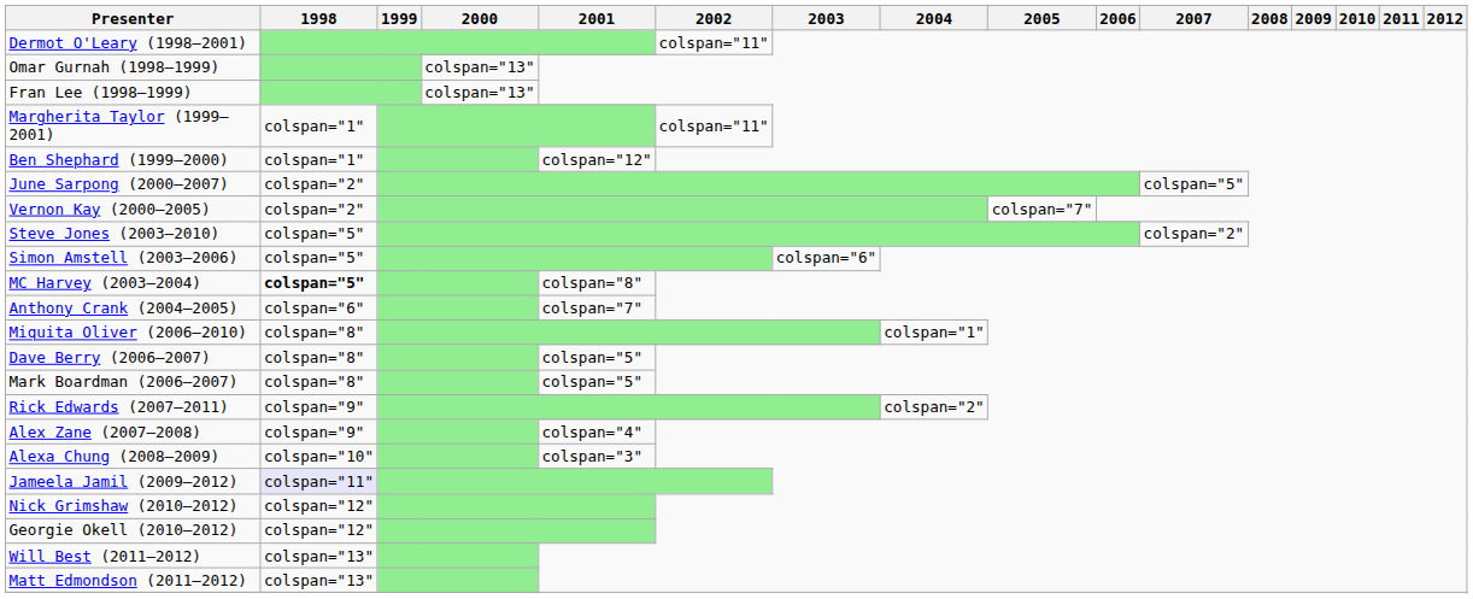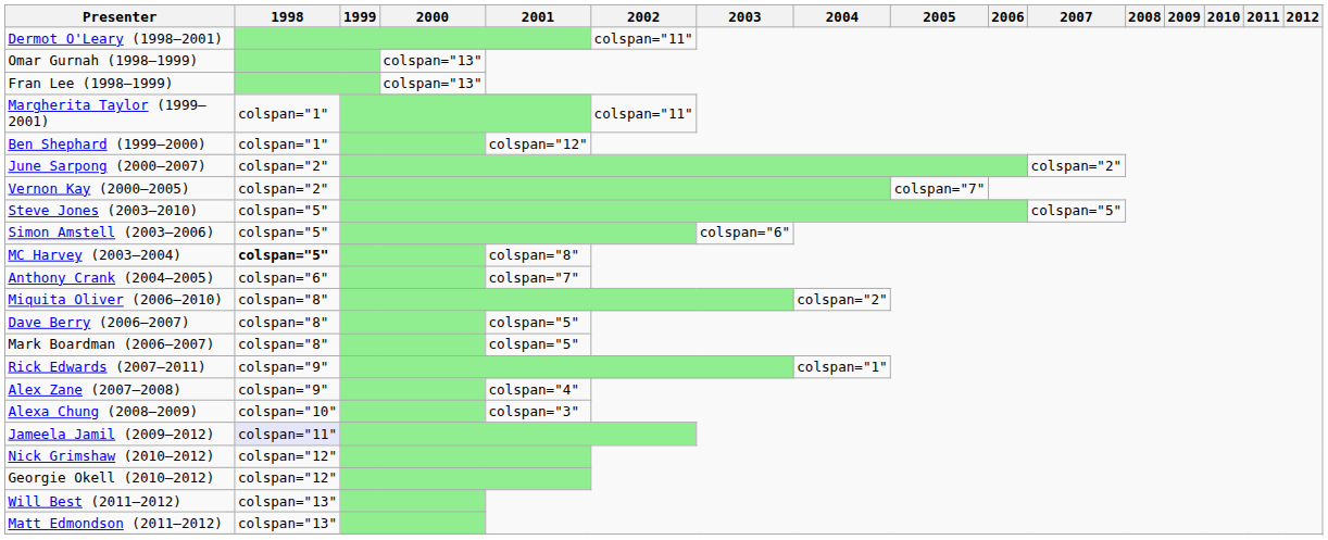 <table class="wikitable">
 <tr>
 <th>Presenter</th>
 <th>1998</th>
 <th>1999</th>
 <th>2000</th>
 <th>2001</th>
 <th>2002</th>
 <th>2003</th>
 <th>2004</th>
 <th>2005</th>
 <th>2006</th>
 <th>2007</th>
 <th>2008</th>
 <th>2009</th>
 <th>2010</th>
 <th>2011</th>
 <th>2012</th>
 </tr>
 <tr>
 <td><a href='#'>Dermot O'Leary</a> (1998–2001)</td>
 <td colspan="4" style="background-color:lightgreen;"></td>
 <td>colspan="11" </td>
 </tr>
 <tr>
 <td>Omar Gurnah (1998–1999)</td>
 <td colspan="2" style="background-color:lightgreen;"></td>
 <td>colspan="13" </td>
 </tr>
 <tr>
 <td>Fran Lee (1998–1999)</td>
 <td colspan="2" style="background-color:lightgreen;"></td>
 <td>colspan="13" </td>
 </tr>
 <tr>
 <td><a href='#'>Margherita Taylor</a> (1999–2001)</td>
 <td>colspan="1" </td>
 <td colspan="3" style="background-color:lightgreen;"></td>
 <td>colspan="11" </td>
 </tr>
 <tr>
 <td><a href='#'>Ben Shephard</a> (1999–2000) </td>
 <td>colspan="1" </td>
 <td colspan="2" style="background-color:lightgreen;"></td>
 <td>colspan="12" </td>
 </tr>
 <tr>
 <td><a href='#'>June Sarpong</a> (2000–2007)</td>
 <td>colspan="2" </td>
 <td colspan="8" style="background-color:lightgreen;"></td>
-<td>colspan="5" </td>
+<td>colspan="2" </td>
 </tr>
 <tr>
 <td><a href='#'>Vernon Kay</a> (2000–2005)</td>
 <td>colspan="2" </td>
 <td colspan="6" style="background-color:lightgreen;"></td>
 <td>colspan="7" </td>
 </tr>
 <tr>
 <td><a href='#'>Steve Jones</a> (2003–2010)</td>
 <td>colspan="5" </td>
 <td colspan="8" style="background-color:lightgreen;"></td>
-<td>colspan="2" </td>
+<td>colspan="5" </td>
 </tr>
 <tr>
 <td><a href='#'>Simon Amstell</a> (2003–2006)</td>
 <td>colspan="5" </td>
 <td colspan="4" style="background-color:lightgreen;"></td>
 <td>colspan="6" </td>
 </tr>
 <tr>
 <td><a href='#'>MC Harvey</a> (2003–2004)</td>
 <td><strong>colspan="5" </strong></td>
 <td colspan="2" style="background-color:lightgreen;"></td>
 <td>colspan="8" </td>
 </tr>
 <tr>
 <td><a href='#'>Anthony Crank</a> (2004–2005)</td>
 <td>colspan="6" </td>
 <td colspan="2" style="background-color:lightgreen;"></td>
 <td>colspan="7" </td>
 </tr>
 <tr>
 <td><a href='#'>Miquita Oliver</a> (2006–2010)</td>
 <td>colspan="8" </td>
 <td colspan="5" style="background-color:lightgreen;"></td>
-<td>colspan="1" </td>
+<td>colspan="2" </td>
 </tr>
 <tr>
 <td><a href='#'>Dave Berry</a> (2006–2007)</td>
 <td>colspan="8" </td>
 <td colspan="2" style="background-color:lightgreen;"></td>
 <td>colspan="5" </td>
 </tr>
 <tr>
 <td>Mark Boardman (2006–2007)</td>
 <td>colspan="8" </td>
 <td colspan="2" style="background-color:lightgreen;"></td>
 <td>colspan="5" </td>
 </tr>
 <tr>
 <td><a href='#'>Rick Edwards</a> (2007–2011)</td>
 <td>colspan="9" </td>
 <td colspan="5" style="background-color:lightgreen;"></td>
-<td>colspan="2" </td>
+<td>colspan="1" </td>
 </tr>
 <tr>
 <td><a href='#'>Alex Zane</a> (2007–2008)</td>
 <td>colspan="9" </td>
 <td colspan="2" style="background-color:lightgreen;"></td>
 <td>colspan="4" </td>
 </tr>
 <tr>
 <td><a href='#'>Alexa Chung</a> (2008–2009)</td>
 <td>colspan="10" </td>
 <td colspan="2" style="background-color:lightgreen;"></td>
 <td>colspan="3" </td>
 </tr>
 <tr>
 <td><a href='#'>Jameela Jamil</a> (2009–2012)</td>
 <td style="background: lavender;">colspan="11" </td>
 <td colspan="4" style="background-color:lightgreen;"></td>
 </tr>
 <tr>
 <td><a href='#'>Nick Grimshaw</a> (2010–2012)</td>
 <td>colspan="12" </td>
 <td colspan="3" style="background-color:lightgreen;"></td>
 </tr>
 <tr>
 <td>Georgie Okell (2010–2012)</td>
 <td>colspan="12" </td>
 <td colspan="3" style="background-color:lightgreen;"></td>
 </tr>
 <tr>
 <td><a href='#'>Will Best</a> (2011–2012)</td>
 <td>colspan="13" </td>
 <td colspan="2" style="background-color:lightgreen;"></td>
 </tr>
 <tr>
 <td><a href='#'>Matt Edmondson</a> (2011–2012)</td>
 <td>colspan="13" </td>
 <td colspan="2" style="background-color:lightgreen;"></td>
 </tr>
 <tr>
 </tr>
 </table>
